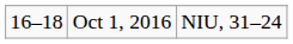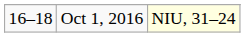 <table class="wikitable">
 <tr align="center">
 </tr>
 <tr align="center">
 <td>16–18</td>
 <td>Oct 1, 2016</td>
-<td>NIU, 31–24</td>
+<td style="background: lightyellow;">NIU, 31–24</td>
 </tr>
 </table>
